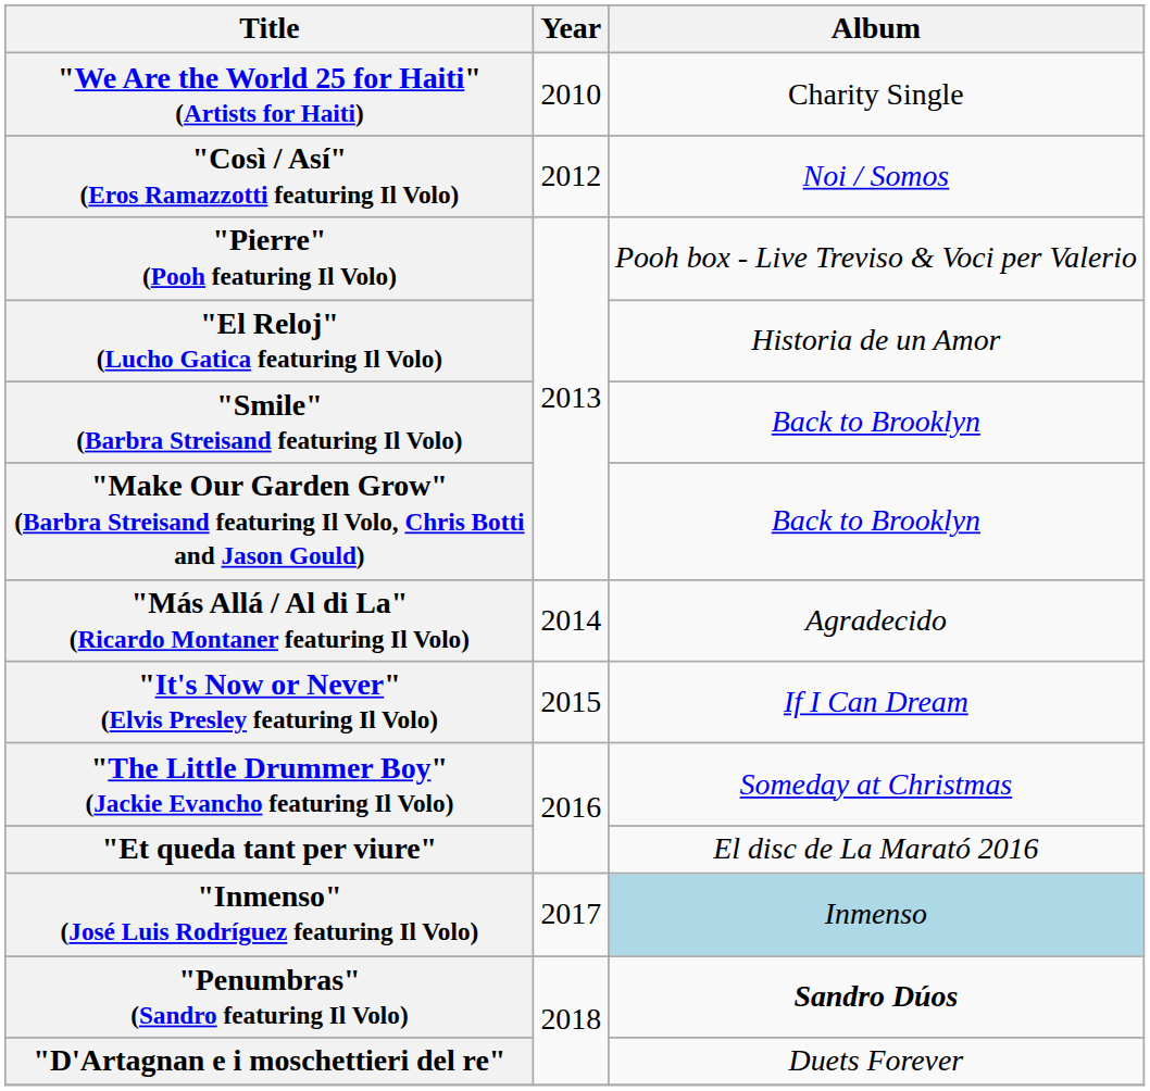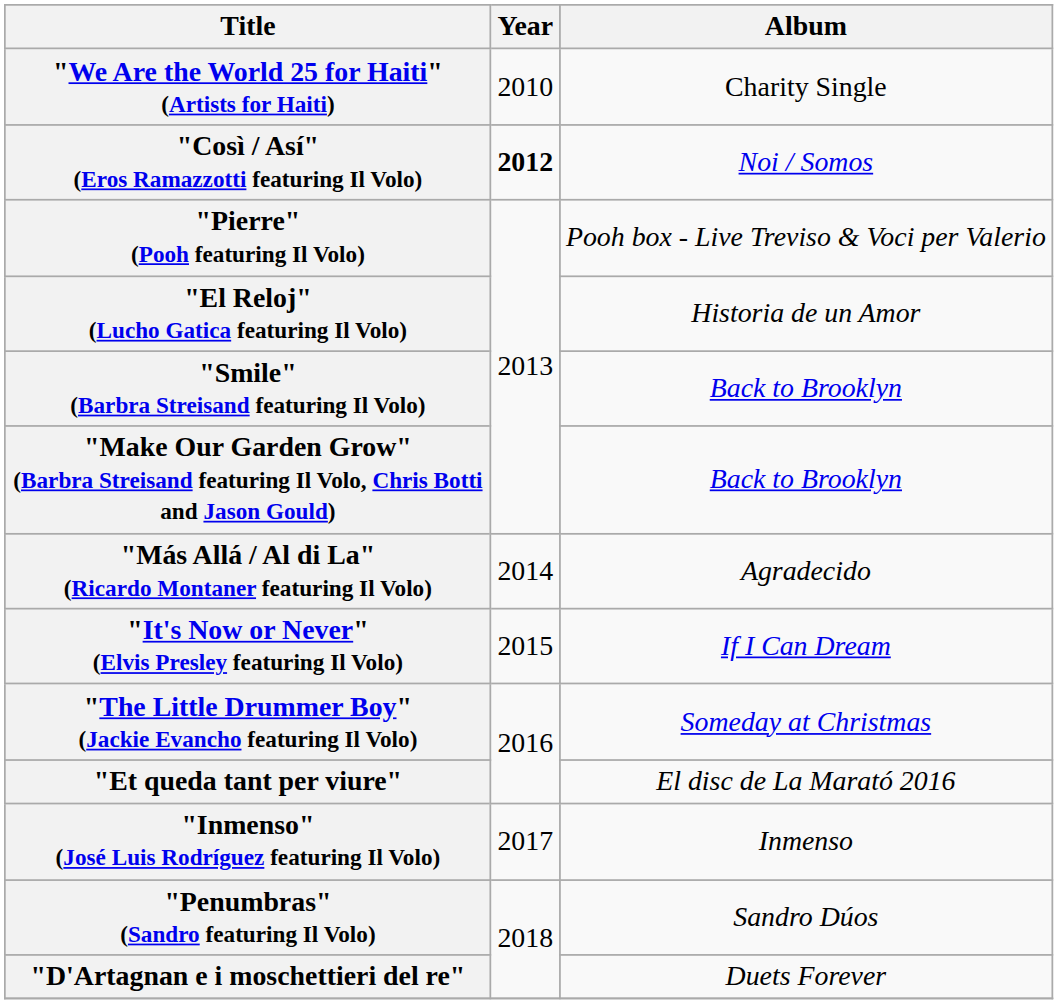 <table class="wikitable plainrowheaders" style="text-align:center;" border="1">
 <tr>
 <th scope="col" style="width:17em;">Title</th>
 <th scope="col" style="width:1em;">Year</th>
 <th scope="col">Album</th>
 </tr>
 <tr>
 <th scope="row">"<a href='#'>We Are the World 25 for Haiti</a>"<br><small>(<a href='#'>Artists for Haiti</a>)</small></th>
 <td>2010</td>
 <td>Charity Single</td>
 </tr>
 <tr>
 <th scope="row">"Così / Así"<br><small>(<a href='#'>Eros Ramazzotti</a> featuring Il Volo)</small></th>
-<td>2012</td>
+<td><strong>2012</strong></td>
 <td><em><a href='#'>Noi / Somos</a></em></td>
 </tr>
 <tr>
 <th scope="row">"Pierre"<br><small>(<a href='#'>Pooh</a> featuring Il Volo)</small></th>
 <td rowspan="4">2013</td>
 <td><em>Pooh box - Live Treviso & Voci per Valerio</em></td>
 </tr>
 <tr>
 <th scope="row">"El Reloj"<br><small>(<a href='#'>Lucho Gatica</a> featuring Il Volo)</small></th>
 <td><em>Historia de un Amor</em></td>
 </tr>
 <tr>
 <th scope="row">"Smile"<br><small>(<a href='#'>Barbra Streisand</a> featuring Il Volo)</small></th>
 <td><em><a href='#'>Back to Brooklyn</a></em></td>
 </tr>
 <tr>
 <th scope="row">"Make Our Garden Grow"<br><small>(<a href='#'>Barbra Streisand</a> featuring Il Volo, <a href='#'>Chris Botti</a> and <a href='#'>Jason Gould</a>)</small></th>
 <td><em><a href='#'>Back to Brooklyn</a></em></td>
 </tr>
 <tr>
 <th scope="row">"Más Allá / Al di La"<br><small>(<a href='#'>Ricardo Montaner</a> featuring Il Volo)</small></th>
 <td>2014</td>
 <td><em>Agradecido</em></td>
 </tr>
 <tr>
 <th scope="row">"<a href='#'>It's Now or Never</a>"<br><small>(<a href='#'>Elvis Presley</a> featuring Il Volo)</small></th>
 <td>2015</td>
 <td><em><a href='#'>If I Can Dream</a></em></td>
 </tr>
 <tr>
 <th scope="row">"<a href='#'>The Little Drummer Boy</a>"<br><small>(<a href='#'>Jackie Evancho</a> featuring Il Volo)</small></th>
 <td rowspan="2">2016</td>
 <td><em><a href='#'>Someday at Christmas</a></em></td>
 </tr>
 <tr>
 <th scope="row">"Et queda tant per viure"</th>
 <td><em>El disc de La Marató 2016</em></td>
 </tr>
 <tr>
 <th scope="row">"Inmenso"<br><small>(<a href='#'>José Luis Rodríguez</a> featuring Il Volo)</small></th>
 <td>2017</td>
-<td style="background: lightblue;"><em>Inmenso</em></td>
+<td><em>Inmenso</em></td>
 </tr>
 <tr>
 <th scope="row">"Penumbras"<br><small>(<a href='#'>Sandro</a> featuring Il Volo)</small></th>
 <td rowspan="2">2018</td>
-<td><strong><em>Sandro Dúos</em></strong></td>
+<td><em>Sandro Dúos</em></td>
 </tr>
 <tr>
 <th scope="row">"D'Artagnan e i moschettieri del re"<br></th>
 <td><em>Duets Forever</em></td>
 </tr>
 <tr>
 </tr>
 </table>
